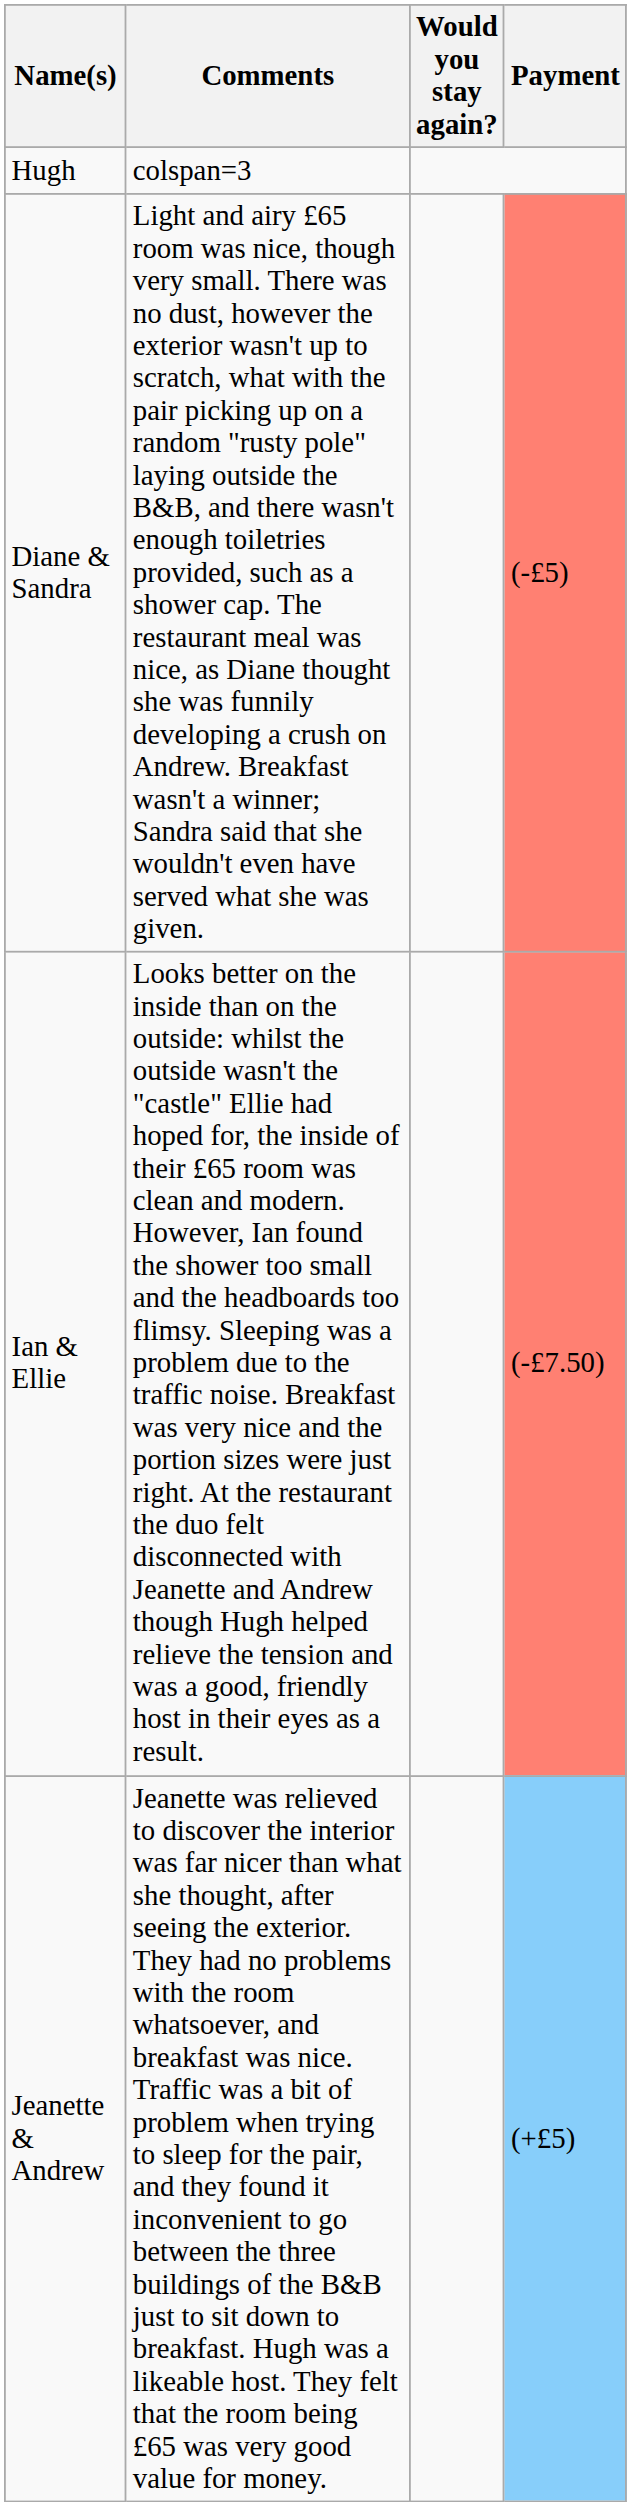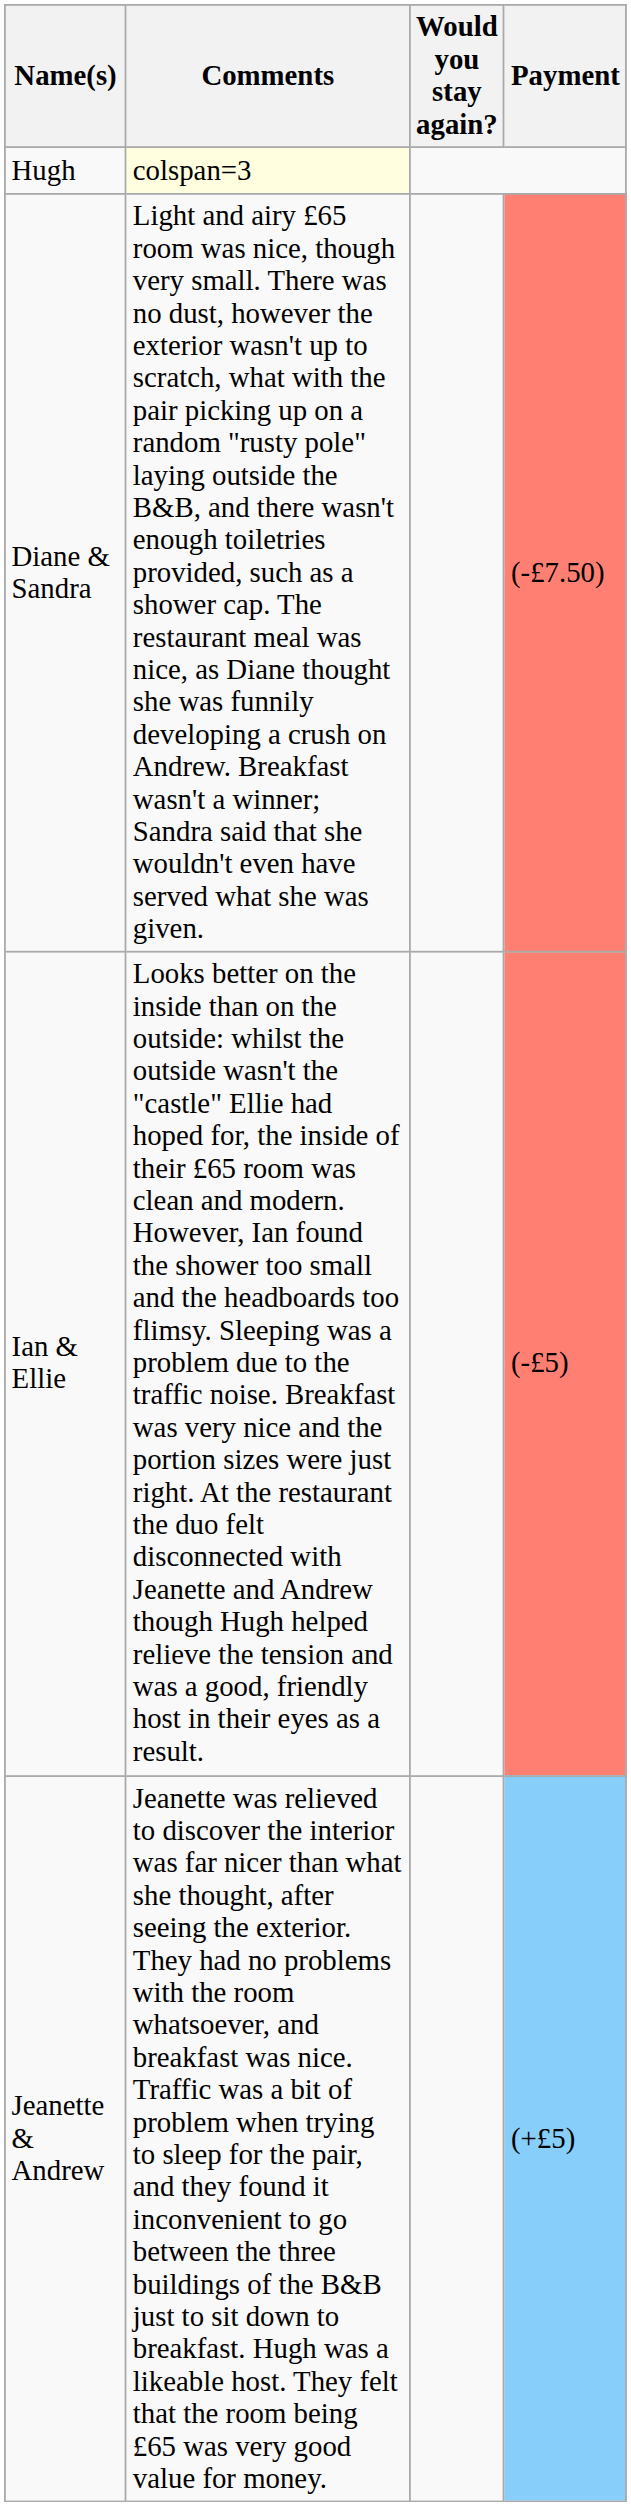 <table class="wikitable">
 <tr>
 <th style="width:60px;">Name(s)</th>
 <th style="width:150px;">Comments</th>
 <th style="width:40px;">Would you stay again?</th>
 <th style="width:40px;">Payment</th>
 </tr>
 <tr>
 <td>Hugh</td>
-<td>colspan=3  </td>
+<td style="background: lightyellow;">colspan=3  </td>
 </tr>
 <tr>
 <td>Diane & Sandra</td>
 <td>Light and airy £65 room was nice, though very small. There was no dust, however the exterior wasn't up to scratch, what with the pair picking up on a random "rusty pole" laying outside the B&B, and there wasn't enough toiletries provided, such as a shower cap. The restaurant meal was nice, as Diane thought she was funnily developing a crush on Andrew. Breakfast wasn't a winner; Sandra said that she wouldn't even have served what she was given.</td>
 <td align="center"></td>
-<td style="background:#FF8072">(-£5)</td>
+<td style="background:#FF8072">(-£7.50)</td>
 </tr>
 <tr>
 <td>Ian & Ellie</td>
 <td>Looks better on the inside than on the outside: whilst the outside wasn't the "castle" Ellie had hoped for, the inside of their £65 room was clean and modern. However, Ian found the shower too small and the headboards too flimsy. Sleeping was a problem due to the traffic noise. Breakfast was very nice and the portion sizes were just right. At the restaurant the duo felt disconnected with Jeanette and Andrew though Hugh helped relieve the tension and was a good, friendly host in their eyes as a result.</td>
 <td align="center"></td>
-<td style="background:#FF8072">(-£7.50)</td>
+<td style="background:#FF8072">(-£5)</td>
 </tr>
 <tr>
 <td>Jeanette & Andrew</td>
 <td>Jeanette was relieved to discover the interior was far nicer than what she thought, after seeing the exterior. They had no problems with the room whatsoever, and breakfast was nice. Traffic was a bit of problem when trying to sleep for the pair, and they found it inconvenient to go between the three buildings of the B&B just to sit down to breakfast. Hugh was a likeable host. They felt that the room being £65 was very good value for money.</td>
 <td align="center"></td>
 <td style="background:#87CEFA">(+£5)</td>
 </tr>
 </table>
